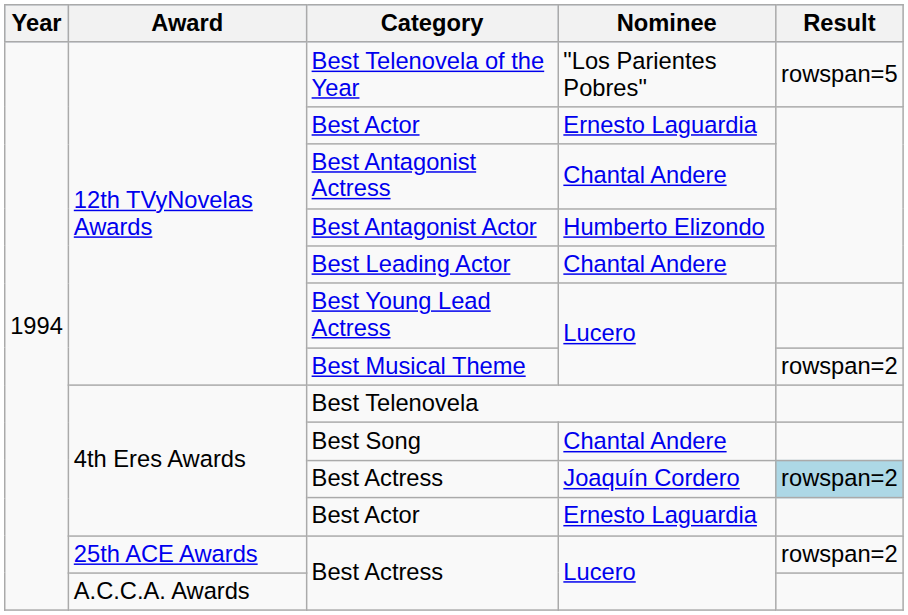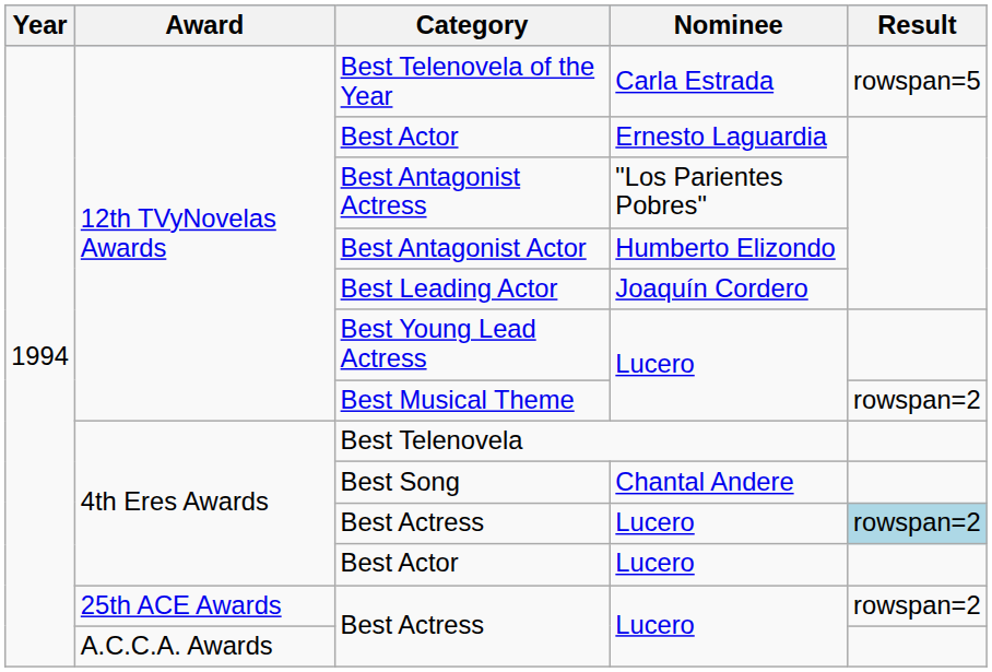 <table class="wikitable">
 <tr style="background:#b0c4de;">
 <th>Year</th>
 <th>Award</th>
 <th>Category</th>
 <th>Nominee</th>
 <th>Result</th>
 </tr>
 <tr>
 <td rowspan=13>1994</td>
 <td rowspan=7><a href='#'>12th TVyNovelas Awards</a></td>
 <td><a href='#'>Best Telenovela of the Year</a></td>
-<td>"Los Parientes Pobres"</td>
+<td><a href='#'>Carla Estrada</a></td>
 <td>rowspan=5 </td>
 </tr>
 <tr>
 <td><a href='#'>Best Actor</a></td>
 <td><a href='#'>Ernesto Laguardia</a></td>
 </tr>
 <tr>
 <td><a href='#'>Best Antagonist Actress</a></td>
-<td><a href='#'>Chantal Andere</a></td>
+<td>"Los Parientes Pobres"</td>
 </tr>
 <tr>
 <td><a href='#'>Best Antagonist Actor</a></td>
 <td><a href='#'>Humberto Elizondo</a></td>
 </tr>
 <tr>
 <td><a href='#'>Best Leading Actor</a></td>
-<td><a href='#'>Chantal Andere</a></td>
+<td><a href='#'>Joaquín Cordero</a></td>
 </tr>
 <tr>
 <td><a href='#'>Best Young Lead Actress</a></td>
 <td rowspan=2><a href='#'>Lucero</a></td>
 <td></td>
 </tr>
 <tr>
 <td><a href='#'>Best Musical Theme</a></td>
 <td>rowspan=2 </td>
 </tr>
 <tr>
 <td rowspan=4>4th Eres Awards</td>
 <td colspan=2>Best Telenovela</td>
 </tr>
 <tr>
 <td>Best Song</td>
 <td><a href='#'>Chantal Andere</a></td>
 <td></td>
 </tr>
 <tr>
 <td>Best Actress</td>
-<td><a href='#'>Joaquín Cordero</a></td>
+<td><a href='#'>Lucero</a></td>
 <td style="background: lightblue;">rowspan=2 </td>
 </tr>
 <tr>
 <td>Best Actor</td>
-<td><a href='#'>Ernesto Laguardia</a></td>
+<td><a href='#'>Lucero</a></td>
 </tr>
 <tr>
 <td><a href='#'>25th ACE Awards</a></td>
 <td rowspan=2>Best Actress</td>
 <td rowspan=2><a href='#'>Lucero</a></td>
 <td>rowspan=2 </td>
 </tr>
 <tr>
 <td>A.C.C.A. Awards</td>
 </tr>
 </table>
